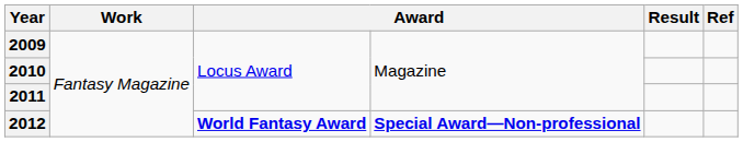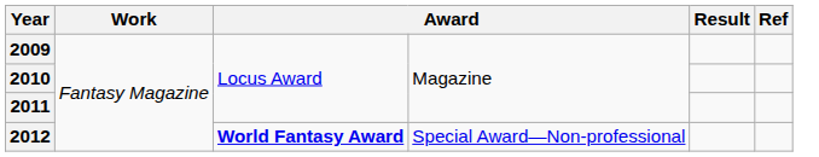 <table class="wikitable">
 <tr>
 <th>Year</th>
 <th>Work</th>
 <th colspan="2">Award</th>
 <th>Result</th>
 <th>Ref</th>
 </tr>
 <tr>
 <th>2009</th>
 <td rowspan="4"><em>Fantasy Magazine</em></td>
 <td rowspan="3"><a href='#'>Locus Award</a></td>
 <td rowspan="3">Magazine</td>
 <td></td>
 <td></td>
 </tr>
 <tr>
 <th>2010</th>
 <td></td>
 <td></td>
 </tr>
 <tr>
 <th>2011</th>
 <td></td>
 <td></td>
 </tr>
 <tr>
 <th>2012</th>
 <td><strong><a href='#'>World Fantasy Award</a></strong></td>
-<td><strong><a href='#'>Special Award—Non-professional</a></strong></td>
+<td><a href='#'>Special Award—Non-professional</a></td>
 <td></td>
 <td></td>
 </tr>
 </table>
